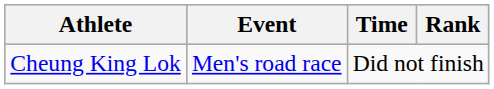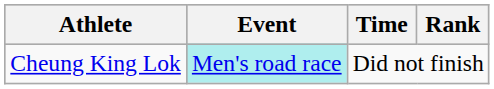 <table class="wikitable" style="font-size:90%">
 <tr>
 <th>Athlete</th>
 <th>Event</th>
 <th>Time</th>
 <th>Rank</th>
 </tr>
 <tr align=center>
 <td align=left><a href='#'>Cheung King Lok</a></td>
-<td align=left><a href='#'>Men's road race</a></td>
+<td align=left style="background: paleturquoise;"><a href='#'>Men's road race</a></td>
 <td colspan=2>Did not finish</td>
 </tr>
 </table>
